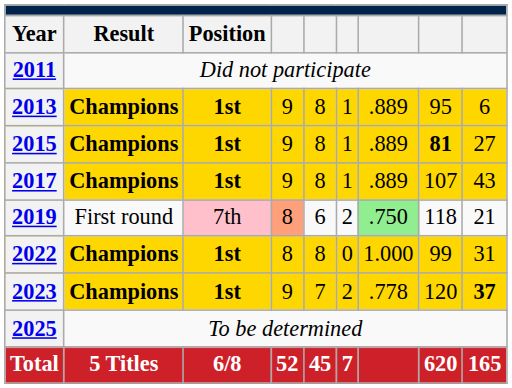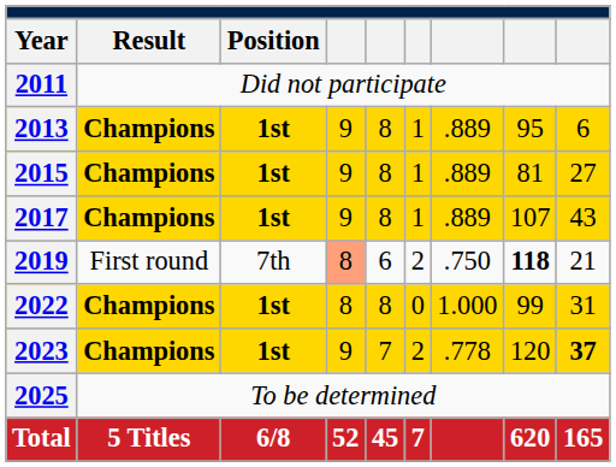 <table class="wikitable" style="font-size:90%; text-align:center;">
 <tr>
 <th style="background:#00234C;" colspan="10"><a href='#'></a></th>
 </tr>
 <tr>
 <th scope="col">Year</th>
 <th scope="col">Result</th>
 <th scope="col">Position</th>
 <th scope="col"></th>
 <th scope="col"></th>
 <th scope="col"></th>
 <th scope="col"></th>
 <th scope="col"></th>
 <th scope="col"></th>
 </tr>
 <tr>
 <th> <a href='#'>2011</a></th>
 <td colspan="8"><em>Did not participate</em></td>
 </tr>
 <tr style="background:gold;">
 <th> <a href='#'>2013</a></th>
 <td><strong>Champions</strong></td>
 <td><strong>1st</strong></td>
 <td>9</td>
 <td>8</td>
 <td>1</td>
 <td>.889</td>
 <td>95</td>
 <td>6</td>
 </tr>
 <tr style="background:gold;">
 <th> <a href='#'>2015</a></th>
 <td><strong>Champions</strong></td>
 <td><strong>1st</strong></td>
 <td>9</td>
 <td>8</td>
 <td>1</td>
 <td>.889</td>
-<td><strong>81</strong></td>
+<td>81</td>
 <td>27</td>
 </tr>
 <tr style="background:gold;">
 <th> <a href='#'>2017</a></th>
 <td><strong>Champions</strong></td>
 <td><strong>1st</strong></td>
 <td>9</td>
 <td>8</td>
 <td>1</td>
 <td>.889</td>
 <td>107</td>
 <td>43</td>
 </tr>
 <tr>
 <th> <a href='#'>2019</a></th>
 <td>First round</td>
-<td style="background: pink;">7th</td>
+<td>7th</td>
 <td style="background: lightsalmon;">8</td>
 <td>6</td>
 <td>2</td>
-<td style="background: lightgreen;">.750</td>
-<td>118</td>
+<td>.750</td>
+<td><strong>118</strong></td>
 <td>21</td>
 </tr>
 <tr style="background:gold;">
 <th> <a href='#'>2022</a></th>
 <td><strong>Champions</strong></td>
 <td><strong>1st</strong></td>
 <td>8</td>
 <td>8</td>
 <td>0</td>
 <td>1.000</td>
 <td>99</td>
 <td>31</td>
 </tr>
 <tr style="background:gold;">
 <th> <a href='#'>2023</a></th>
 <td><strong>Champions</strong></td>
 <td><strong>1st</strong></td>
 <td>9</td>
 <td>7</td>
 <td>2</td>
 <td>.778</td>
 <td>120</td>
 <td><strong>37</strong></td>
 </tr>
 <tr>
 <th> <a href='#'>2025</a></th>
 <td colspan="8"><em>To be determined</em></td>
 </tr>
 <tr>
 <th style="color:white; background:#CE2028;"><strong>Total</strong></th>
 <th style="color:white; background:#CE2028;">5 Titles</th>
 <th style="color:white; background:#CE2028;"><strong>6/8</strong></th>
 <th style="color:white; background:#CE2028;">52</th>
 <th style="color:white; background:#CE2028;">45</th>
 <th style="color:white; background:#CE2028;">7</th>
 <th style="color:white; background:#CE2028;"><strong></strong></th>
 <th style="color:white; background:#CE2028;">620</th>
 <th style="color:white; background:#CE2028;">165</th>
 </tr>
 </table>
